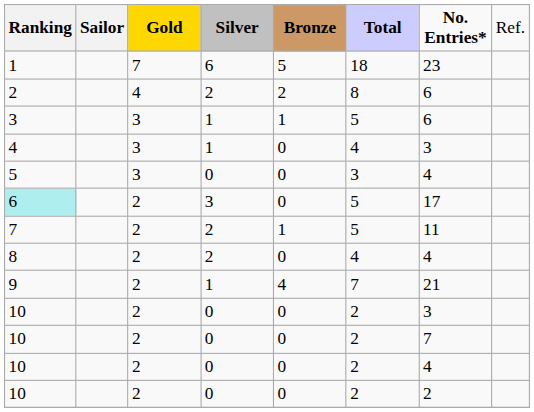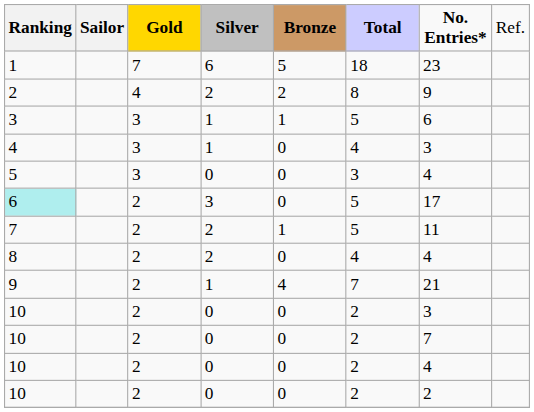 <table class="wikitable sortable">
 <tr>
 <th align=center><strong>Ranking</strong></th>
 <th align=center><strong>Sailor</strong></th>
 <td style="background:gold; width:60px; text-align:center;"><strong>Gold</strong></td>
 <td style="background:silver; width:60px; text-align:center;"><strong>Silver</strong></td>
 <td style="background:#c96; width:60px; text-align:center;"><strong>Bronze</strong></td>
 <td style="background:#ccf; width:60px; text-align:center;"><strong>Total</strong></td>
 <td style="width:60px; text-align:center;"><strong>No. Entries*</strong></td>
 <td>Ref.</td>
 </tr>
 <tr>
 <td>1</td>
 <td></td>
 <td>7</td>
 <td>6</td>
 <td>5</td>
 <td>18</td>
 <td>23</td>
 <td></td>
 </tr>
 <tr>
 <td>2</td>
 <td></td>
 <td>4</td>
 <td>2</td>
 <td>2</td>
 <td>8</td>
-<td>6</td>
+<td>9</td>
 <td></td>
 </tr>
 <tr>
 <td>3</td>
 <td></td>
 <td>3</td>
 <td>1</td>
 <td>1</td>
 <td>5</td>
 <td>6</td>
 <td></td>
 </tr>
 <tr>
 <td>4</td>
 <td></td>
 <td>3</td>
 <td>1</td>
 <td>0</td>
 <td>4</td>
 <td>3</td>
 <td></td>
 </tr>
 <tr>
 <td>5</td>
 <td></td>
 <td>3</td>
 <td>0</td>
 <td>0</td>
 <td>3</td>
 <td>4</td>
 <td></td>
 </tr>
 <tr>
 <td style="background: paleturquoise;">6</td>
 <td></td>
 <td>2</td>
 <td>3</td>
 <td>0</td>
 <td>5</td>
 <td>17</td>
 <td></td>
 </tr>
 <tr>
 <td>7</td>
 <td></td>
 <td>2</td>
 <td>2</td>
 <td>1</td>
 <td>5</td>
 <td>11</td>
 <td></td>
 </tr>
 <tr>
 <td>8</td>
 <td></td>
 <td>2</td>
 <td>2</td>
 <td>0</td>
 <td>4</td>
 <td>4</td>
 <td></td>
 </tr>
 <tr>
 <td>9</td>
 <td></td>
 <td>2</td>
 <td>1</td>
 <td>4</td>
 <td>7</td>
 <td>21</td>
 <td></td>
 </tr>
 <tr>
 <td>10</td>
 <td></td>
 <td>2</td>
 <td>0</td>
 <td>0</td>
 <td>2</td>
 <td>3</td>
 <td></td>
 </tr>
 <tr>
 <td>10</td>
 <td></td>
 <td>2</td>
 <td>0</td>
 <td>0</td>
 <td>2</td>
 <td>7</td>
 <td></td>
 </tr>
 <tr>
 <td>10</td>
 <td></td>
 <td>2</td>
 <td>0</td>
 <td>0</td>
 <td>2</td>
 <td>4</td>
 <td></td>
 </tr>
 <tr>
 <td>10</td>
 <td></td>
 <td>2</td>
 <td>0</td>
 <td>0</td>
 <td>2</td>
 <td>2</td>
 <td></td>
 </tr>
 <tr>
 </tr>
 </table>
